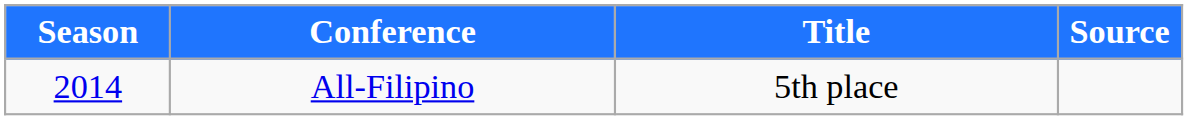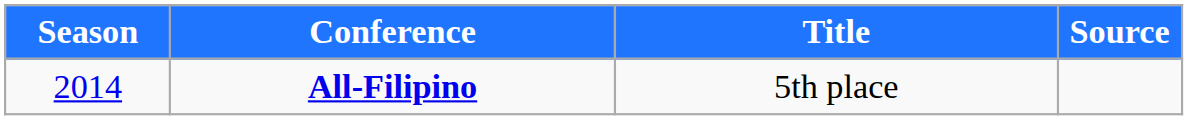 <table class="wikitable">
 <tr>
 <th width=70px style="background: #1F75FE; color: white; text-align: center"><strong>Season</strong></th>
 <th width=200px style="background: #1F75FE; color: white; text-align: center"><strong>Conference</strong></th>
 <th width=200px style="background: #1F75FE; color: white"><strong>Title</strong></th>
 <th width=50px style="background: #1F75FE; color: white"><strong>Source</strong></th>
 </tr>
 <tr align=center>
 <td><a href='#'>2014</a></td>
-<td><a href='#'>All-Filipino</a></td>
+<td><strong><a href='#'>All-Filipino</a></strong></td>
 <td>5th place</td>
 <td></td>
 </tr>
 </table>
